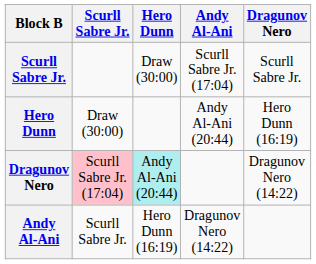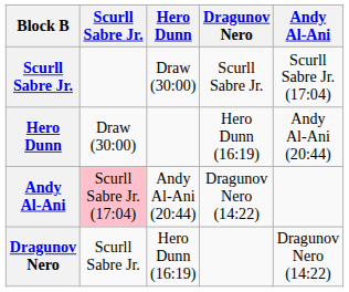 <table class="wikitable" style="text-align:center; margin: 1em auto 1em auto">
 <tr>
 <th>Block B</th>
 <th><a href='#'>Scurll</a><br><a href='#'>Sabre Jr.</a></th>
 <th><a href='#'>Hero</a><br><a href='#'>Dunn</a></th>
+<th><a href='#'>Dragunov</a><br>Nero</th>
 <th><a href='#'>Andy</a><br><a href='#'>Al-Ani</a></th>
-<th><a href='#'>Dragunov</a><br>Nero</th>
 </tr>
 <tr>
 <th><a href='#'>Scurll</a><br><a href='#'>Sabre Jr.</a></th>
 <td></td>
 <td>Draw<br>(30:00)</td>
+<td>Scurll<br>Sabre Jr.</td>
 <td>Scurll<br>Sabre Jr.<br>(17:04)</td>
-<td>Scurll<br>Sabre Jr.</td>
 </tr>
 <tr>
 <th><a href='#'>Hero</a><br><a href='#'>Dunn</a></th>
 <td>Draw<br>(30:00)</td>
 <td></td>
+<td>Hero<br>Dunn<br>(16:19)</td>
 <td>Andy<br>Al-Ani<br>(20:44)</td>
-<td>Hero<br>Dunn<br>(16:19)</td>
+</tr>
+<tr>
+<th><a href='#'>Andy</a><br><a href='#'>Al-Ani</a></th>
+<td style="background: pink;">Scurll<br>Sabre Jr.<br>(17:04)</td>
+<td>Andy<br>Al-Ani<br>(20:44)</td>
+<td>Dragunov<br>Nero<br>(14:22)</td>
+<td></td>
 </tr>
 <tr>
 <th><a href='#'>Dragunov</a><br>Nero</th>
-<td style="background: pink;">Scurll<br>Sabre Jr.<br>(17:04)</td>
-<td style="background: paleturquoise;">Andy<br>Al-Ani<br>(20:44)</td>
+<td>Scurll<br>Sabre Jr.</td>
+<td>Hero<br>Dunn<br>(16:19)</td>
 <td></td>
 <td>Dragunov<br>Nero<br>(14:22)</td>
 </tr>
-<tr>
-<th><a href='#'>Andy</a><br><a href='#'>Al-Ani</a></th>
-<td>Scurll<br>Sabre Jr.</td>
-<td>Hero<br>Dunn<br>(16:19)</td>
-<td>Dragunov<br>Nero<br>(14:22)</td>
-<td></td>
-</tr>
 </table>
